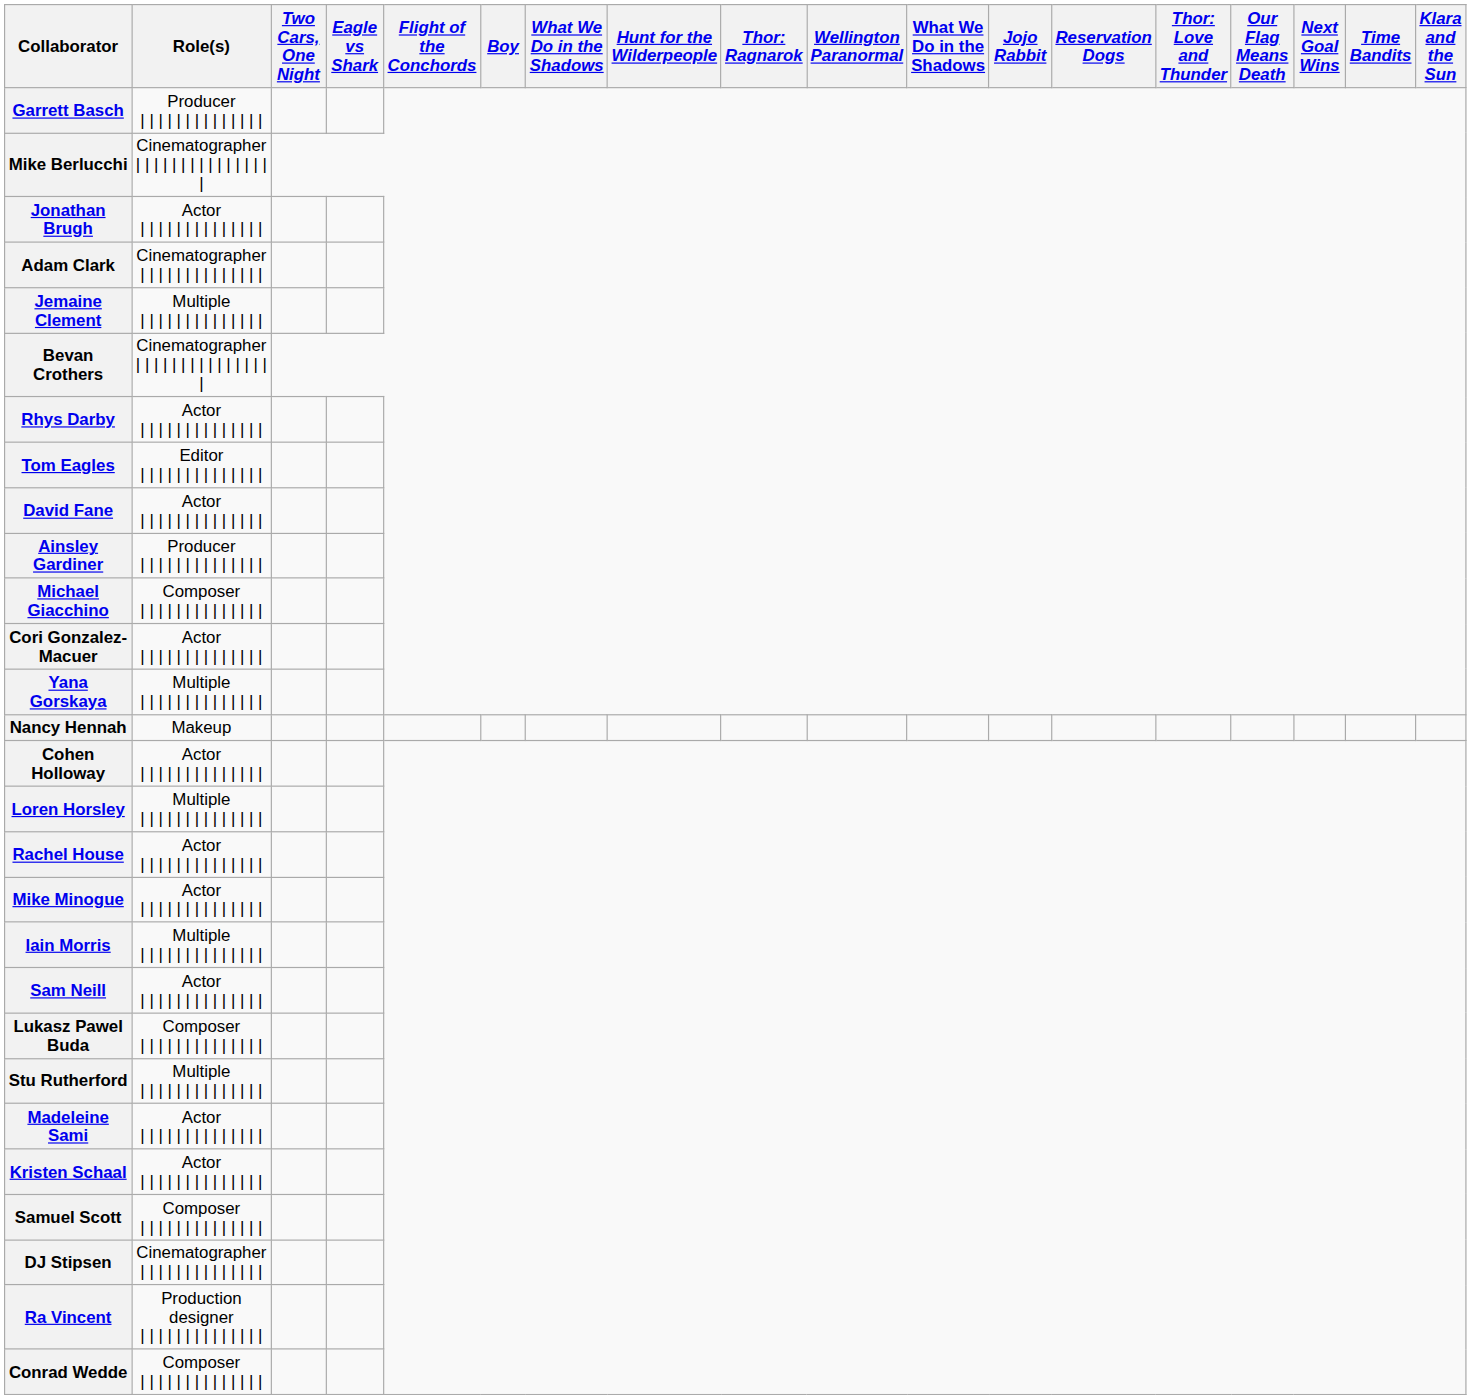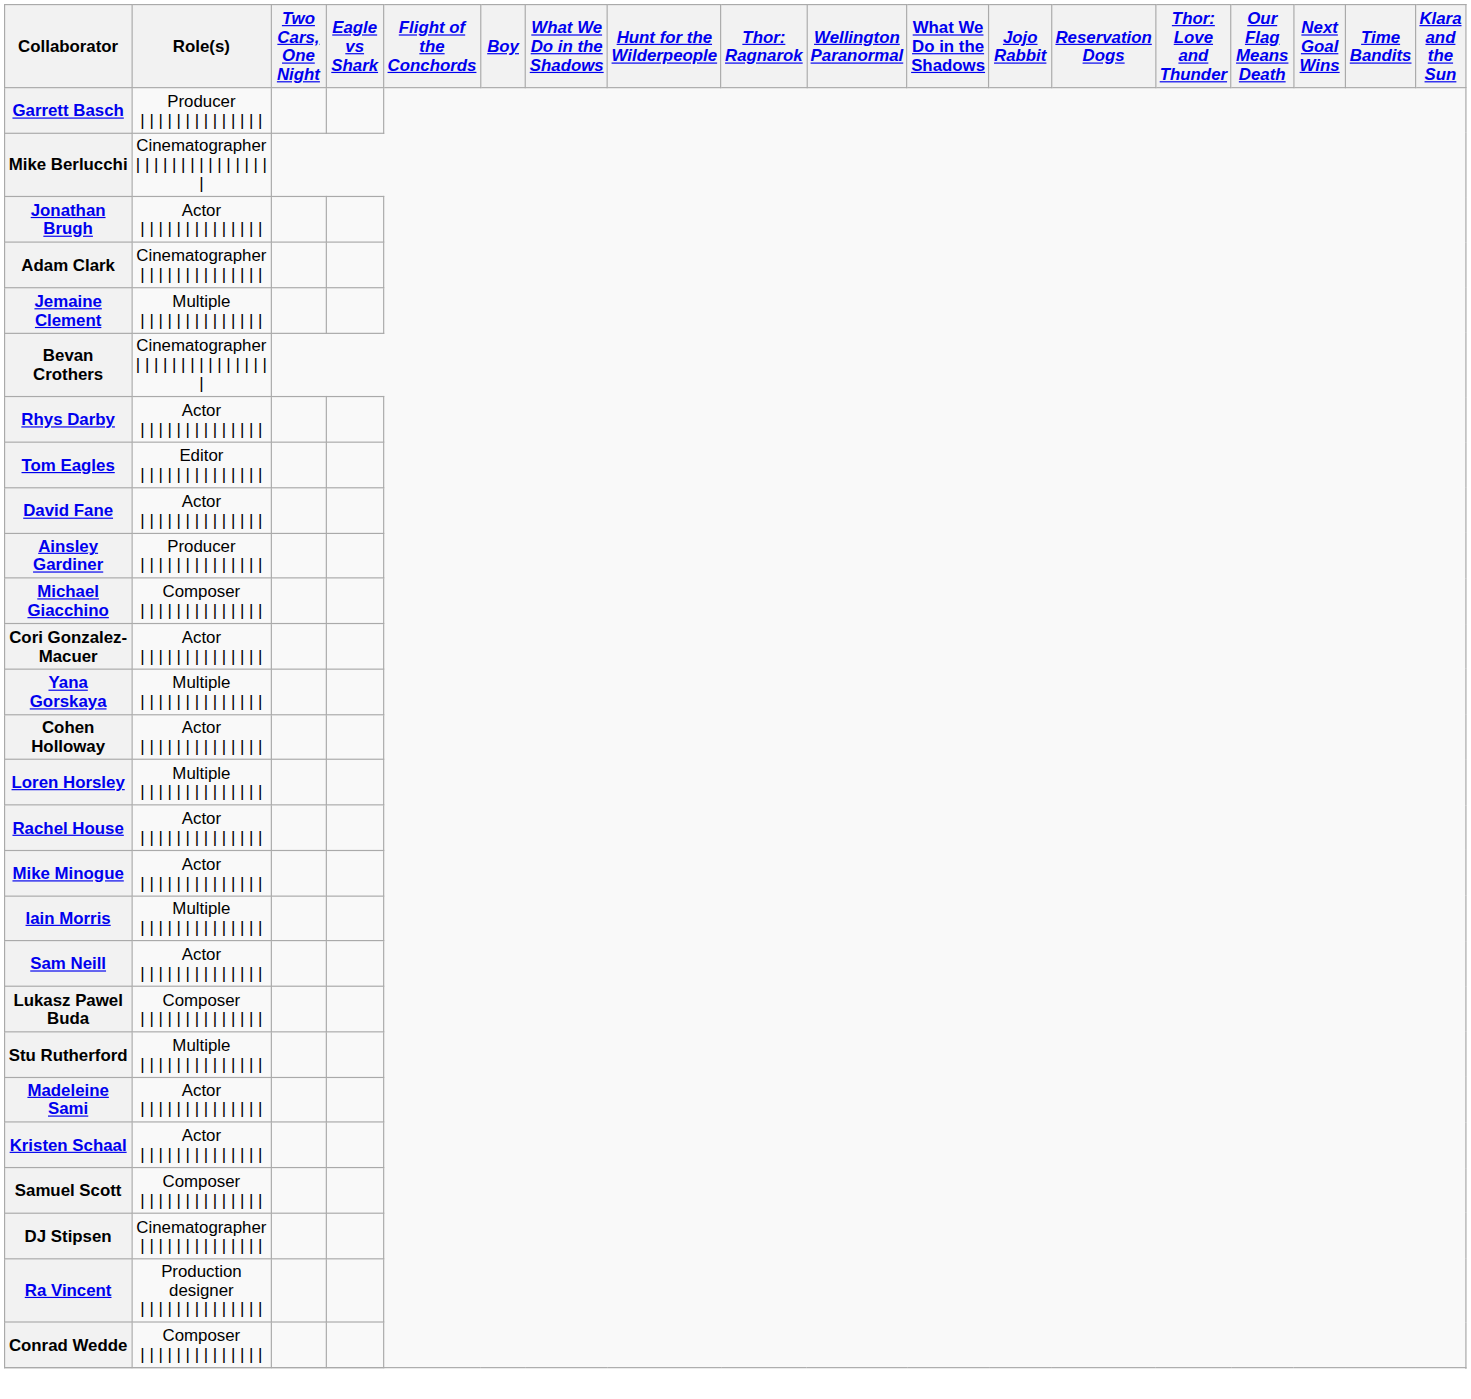 <table class="wikitable unsortable" style="text-align:center;font-size:90%;">
 <tr>
 <th width="15%">Collaborator</th>
 <th width="10%">Role(s)</th>
 <th width="5%"><em><a href='#'>Two Cars, One Night</a></em></th>
 <th width="5%"><em><a href='#'>Eagle vs Shark</a></em></th>
 <th width="5%"><em><a href='#'>Flight of the Conchords</a></em></th>
 <th width="5%"><em><a href='#'>Boy</a></em></th>
 <th width="5%"><em><a href='#'>What We Do in the Shadows</a></em></th>
 <th width="5%"><em><a href='#'>Hunt for the Wilderpeople</a></em></th>
 <th width="5%"><em><a href='#'>Thor: Ragnarok</a></em></th>
 <th width="5%"><em><a href='#'>Wellington Paranormal</a></em></th>
 <th width="5%"><em><a href='#'></em>What We Do in the Shadows<em></a></em></th>
 <th width="5%"><em><a href='#'>Jojo Rabbit</a></em></th>
 <th width="5%"><em><a href='#'>Reservation Dogs</a></em></th>
 <th width="5%"><em><a href='#'>Thor: Love and Thunder</a></em></th>
 <th width="5%"><em><a href='#'>Our Flag Means Death</a></em></th>
 <th width="5%"><em><a href='#'>Next Goal Wins</a></em></th>
 <th><em><a href='#'>Time Bandits</a></em></th>
 <th><em><a href='#'>Klara and the Sun</a></em></th>
 </tr>
 <tr>
 <th><a href='#'>Garrett Basch</a></th>
 <td>Producer<br>| | | | | | | | | | | | | |</td>
 <td></td>
 <td></td>
 </tr>
 <tr>
 <th>Mike Berlucchi</th>
 <td>Cinematographer<br>| | | | | | | | | | | | | | | |</td>
 </tr>
 <tr>
 <th><a href='#'>Jonathan Brugh</a></th>
 <td>Actor<br>| | | | | | | | | | | | | |</td>
 <td></td>
 <td></td>
 </tr>
 <tr>
 <th>Adam Clark</th>
 <td>Cinematographer<br>| | | | | | | | | | | | | |</td>
 <td></td>
 <td></td>
 </tr>
 <tr>
 <th><a href='#'>Jemaine Clement</a></th>
 <td>Multiple<br>| | | | | | | | | | | | | |</td>
 <td></td>
 <td></td>
 </tr>
 <tr>
 <th>Bevan Crothers</th>
 <td>Cinematographer<br>| | | | | | | | | | | | | | | |</td>
 </tr>
 <tr>
 <th><a href='#'>Rhys Darby</a></th>
 <td>Actor<br>| | | | | | | | | | | | | |</td>
 <td></td>
 <td></td>
 </tr>
 <tr>
 <th><a href='#'>Tom Eagles</a></th>
 <td>Editor<br>| | | | | | | | | | | | | |</td>
 <td></td>
 <td></td>
 </tr>
 <tr>
 <th><a href='#'>David Fane</a></th>
 <td>Actor<br>| | | | | | | | | | | | | |</td>
 <td></td>
 <td></td>
 </tr>
 <tr>
 <th><a href='#'>Ainsley Gardiner</a></th>
 <td>Producer<br>| | | | | | | | | | | | | |</td>
 <td></td>
 <td></td>
 </tr>
 <tr>
 <th><a href='#'>Michael Giacchino</a></th>
 <td>Composer<br>| | | | | | | | | | | | | |</td>
 <td></td>
 <td></td>
 </tr>
 <tr>
 <th>Cori Gonzalez-Macuer</th>
 <td>Actor<br>| | | | | | | | | | | | | |</td>
 <td></td>
 <td></td>
 </tr>
 <tr>
 <th><a href='#'>Yana Gorskaya</a></th>
 <td>Multiple<br>| | | | | | | | | | | | | |</td>
 <td></td>
 <td></td>
 </tr>
 <tr>
-<th>Nancy Hennah</th>
-<td>Makeup</td>
-<td></td>
-<td></td>
-<td></td>
-<td></td>
-<td></td>
-<td></td>
-<td></td>
-<td></td>
-<td></td>
-<td></td>
-<td></td>
-<td></td>
-<td></td>
-<td></td>
-<td></td>
-<td></td>
-</tr>
-<tr>
 <th>Cohen Holloway</th>
 <td>Actor<br>| | | | | | | | | | | | | |</td>
 <td></td>
 <td></td>
 </tr>
 <tr>
 <th><a href='#'>Loren Horsley</a></th>
 <td>Multiple<br>| | | | | | | | | | | | | |</td>
 <td></td>
 <td></td>
 </tr>
 <tr>
 <th><a href='#'>Rachel House</a></th>
 <td>Actor<br>| | | | | | | | | | | | | |</td>
 <td></td>
 <td></td>
 </tr>
 <tr>
 <th><a href='#'>Mike Minogue</a></th>
 <td>Actor<br>| | | | | | | | | | | | | |</td>
 <td></td>
 <td></td>
 </tr>
 <tr>
 <th><a href='#'>Iain Morris</a></th>
 <td>Multiple<br>| | | | | | | | | | | | | |</td>
 <td></td>
 <td></td>
 </tr>
 <tr>
 <th><a href='#'>Sam Neill</a></th>
 <td>Actor<br>| | | | | | | | | | | | | |</td>
 <td></td>
 <td></td>
 </tr>
 <tr>
 <th>Lukasz Pawel Buda</th>
 <td>Composer<br>| | | | | | | | | | | | | |</td>
 <td></td>
 <td></td>
 </tr>
 <tr>
 <th>Stu Rutherford</th>
 <td>Multiple<br>| | | | | | | | | | | | | |</td>
 <td></td>
 <td></td>
 </tr>
 <tr>
 <th><a href='#'>Madeleine Sami</a></th>
 <td>Actor<br>| | | | | | | | | | | | | |</td>
 <td></td>
 <td></td>
 </tr>
 <tr>
 <th><a href='#'>Kristen Schaal</a></th>
 <td>Actor<br>| | | | | | | | | | | | | |</td>
 <td></td>
 <td></td>
 </tr>
 <tr>
 <th>Samuel Scott</th>
 <td>Composer<br>| | | | | | | | | | | | | |</td>
 <td></td>
 <td></td>
 </tr>
 <tr>
 <th>DJ Stipsen</th>
 <td>Cinematographer<br>| | | | | | | | | | | | | |</td>
 <td></td>
 <td></td>
 </tr>
 <tr>
 <th><a href='#'>Ra Vincent</a></th>
 <td>Production designer<br>| | | | | | | | | | | | | |</td>
 <td></td>
 <td></td>
 </tr>
 <tr>
 <th>Conrad Wedde</th>
 <td>Composer<br>| | | | | | | | | | | | | |</td>
 <td></td>
 <td></td>
 </tr>
 <tr>
 </tr>
 </table>
